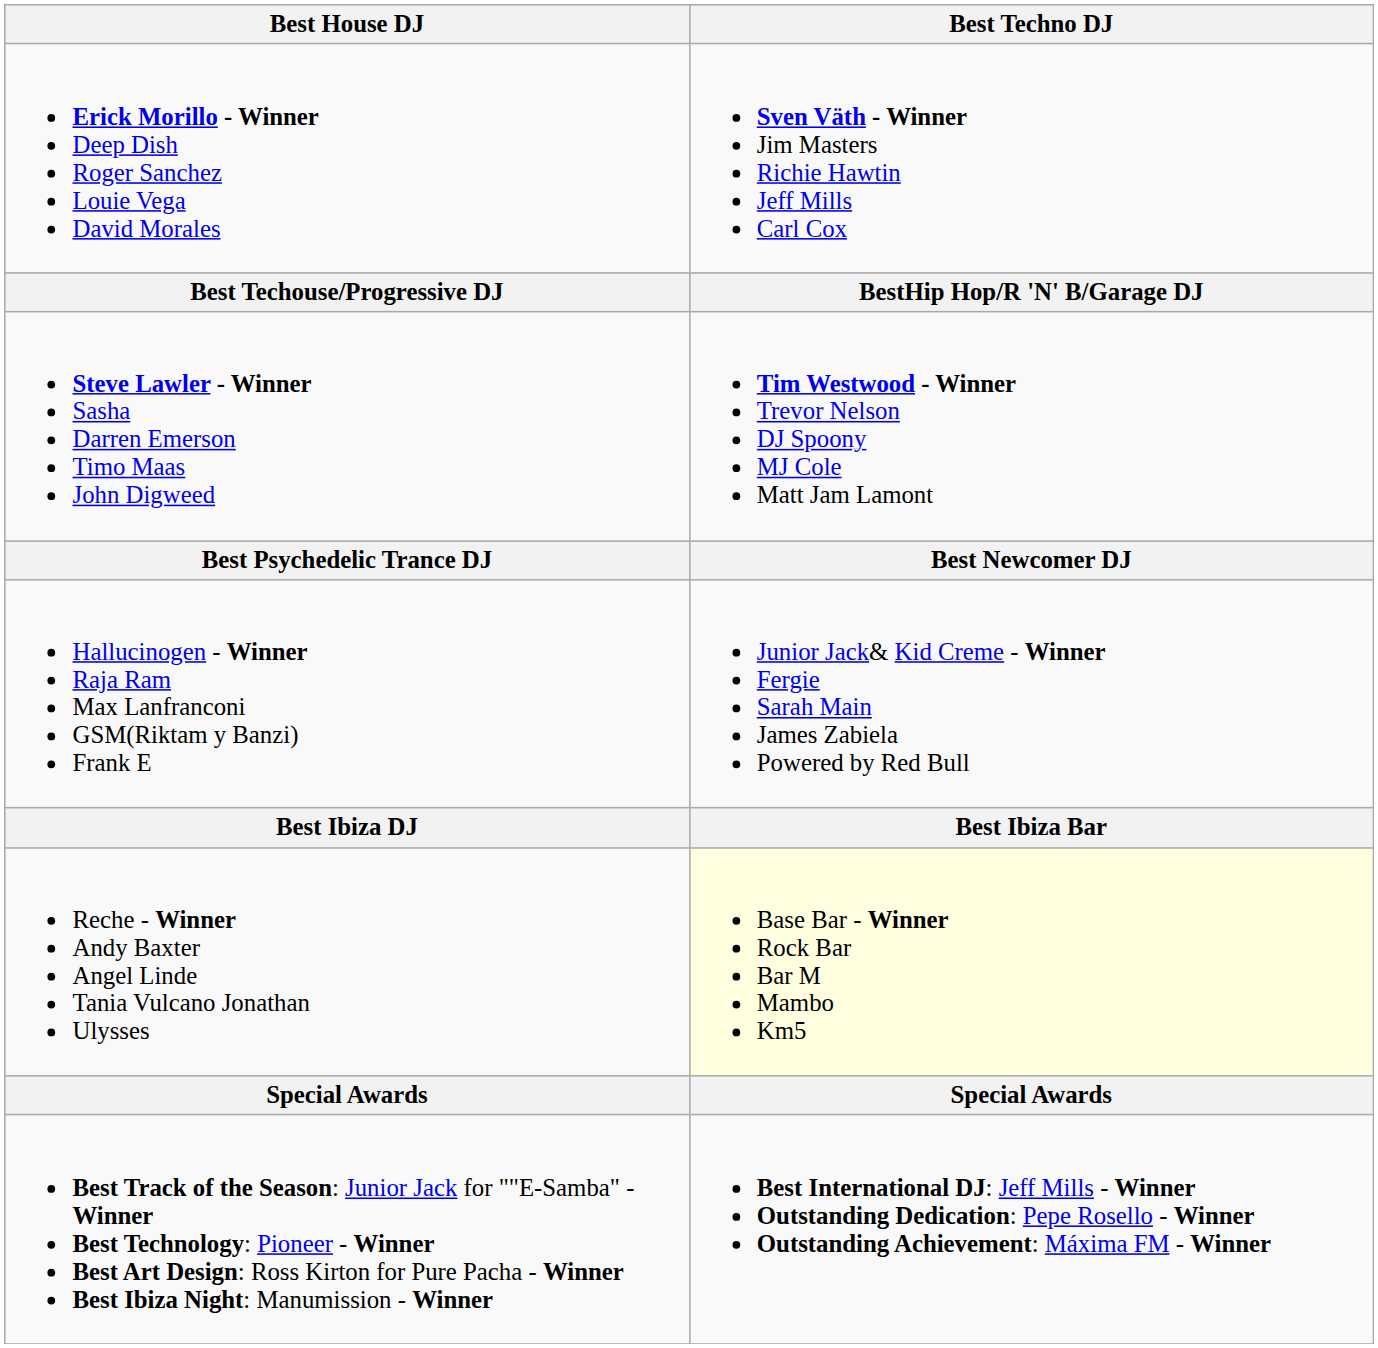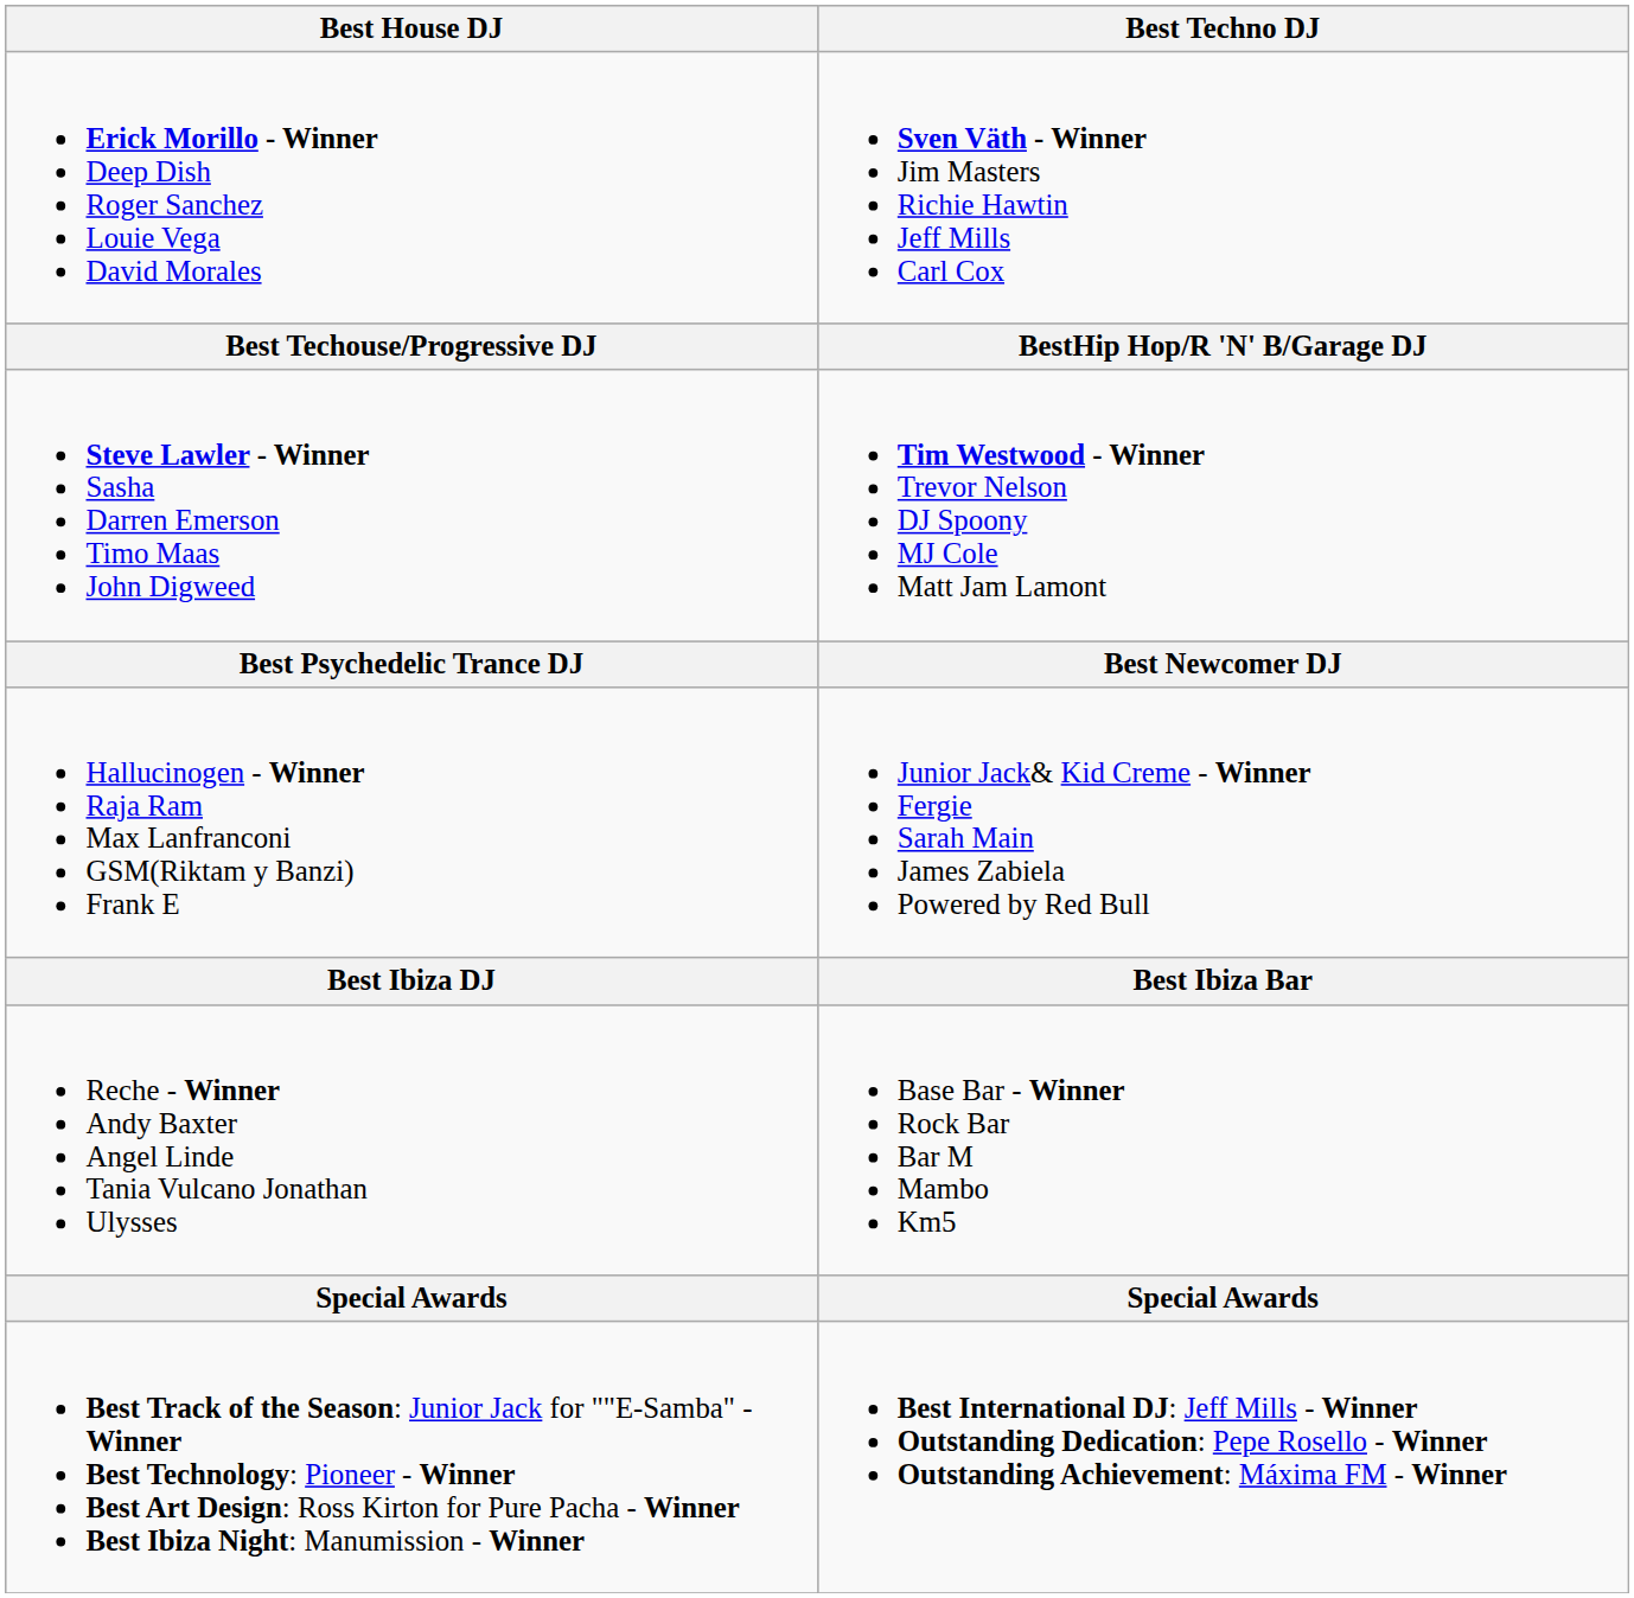 <table class=wikitable width="100%">
 <tr>
 <th width="50%"><strong>Best House DJ</strong></th>
 <th width="50%"><strong>Best Techno DJ</strong></th>
 </tr>
 <tr>
 <td valign="top"><br><ul><li><strong> <a href='#'>Erick Morillo</a> - Winner</strong></li><li><a href='#'>Deep Dish</a></li><li><a href='#'>Roger Sanchez</a></li><li><a href='#'>Louie Vega</a></li><li><a href='#'>David Morales</a></li></ul></td>
 <td valign="top"><br><ul><li><strong> <a href='#'>Sven Väth</a> - Winner</strong></li><li>Jim Masters</li><li><a href='#'>Richie Hawtin</a></li><li><a href='#'>Jeff Mills</a></li><li><a href='#'>Carl Cox</a></li></ul></td>
 </tr>
 <tr>
 <th width="50%"><strong>Best Techouse/Progressive DJ</strong></th>
 <th width="50%"><strong>BestHip Hop/R 'N' B/Garage DJ</strong></th>
 </tr>
 <tr>
 <td valign="top"><br><ul><li><strong> <a href='#'>Steve Lawler</a> - Winner</strong></li><li><a href='#'>Sasha</a></li><li><a href='#'>Darren Emerson</a></li><li><a href='#'>Timo Maas</a></li><li><a href='#'>John Digweed</a></li></ul></td>
 <td valign="top"><br><ul><li><strong> <a href='#'>Tim Westwood</a> - Winner</strong></li><li><a href='#'>Trevor Nelson</a></li><li><a href='#'>DJ Spoony</a></li><li><a href='#'>MJ Cole</a></li><li>Matt Jam Lamont</li></ul></td>
 </tr>
 <tr>
 <th width="50%"><strong>Best Psychedelic Trance DJ</strong></th>
 <th width="50%"><strong>Best Newcomer DJ</strong></th>
 </tr>
 <tr>
 <td valign="top"><br><ul><li> <a href='#'>Hallucinogen</a> - <strong>Winner</strong></li><li><a href='#'>Raja Ram</a></li><li>Max Lanfranconi</li><li>GSM(Riktam y Banzi)</li><li>Frank E</li></ul></td>
 <td valign="top"><br><ul><li> <a href='#'>Junior Jack</a>& <a href='#'>Kid Creme</a> - <strong>Winner</strong></li><li><a href='#'>Fergie</a></li><li><a href='#'>Sarah Main</a></li><li>James Zabiela</li><li>Powered by Red Bull</li></ul></td>
 </tr>
 <tr>
 <th width="50%"><strong>Best Ibiza DJ</strong></th>
 <th width="50%"><strong>Best Ibiza Bar</strong></th>
 </tr>
 <tr>
 <td valign="top"><br><ul><li> Reche - <strong>Winner</strong></li><li>Andy Baxter</li><li>Angel Linde</li><li>Tania Vulcano Jonathan</li><li>Ulysses</li></ul></td>
-<td valign="top" style="background: lightyellow;"><br><ul><li> Base Bar - <strong>Winner</strong></li><li>Rock Bar</li><li>Bar M</li><li>Mambo</li><li>Km5</li></ul></td>
+<td valign="top"><br><ul><li> Base Bar - <strong>Winner</strong></li><li>Rock Bar</li><li>Bar M</li><li>Mambo</li><li>Km5</li></ul></td>
 </tr>
 <tr>
 <th width="50%"><strong>Special Awards</strong></th>
 <th width="50%"><strong>Special Awards</strong></th>
 </tr>
 <tr>
 <td valign="top"><br><ul><li><strong>Best Track of the Season</strong>:  <a href='#'>Junior Jack</a> for ""E-Samba" - <strong>Winner</strong></li><li><strong>Best Technology</strong>:  <a href='#'>Pioneer</a> - <strong>Winner</strong></li><li><strong>Best Art Design</strong>:  Ross Kirton for Pure Pacha - <strong>Winner</strong></li><li><strong>Best Ibiza Night</strong>:  Manumission - <strong>Winner</strong></li></ul></td>
 <td valign="top"><br><ul><li><strong>Best International DJ</strong>:  <a href='#'>Jeff Mills</a> - <strong>Winner</strong></li><li><strong>Outstanding Dedication</strong>:  <a href='#'>Pepe Rosello</a> - <strong>Winner</strong></li><li><strong>Outstanding Achievement</strong>:  <a href='#'>Máxima FM</a> - <strong>Winner</strong></li></ul></td>
 </tr>
 </table>
